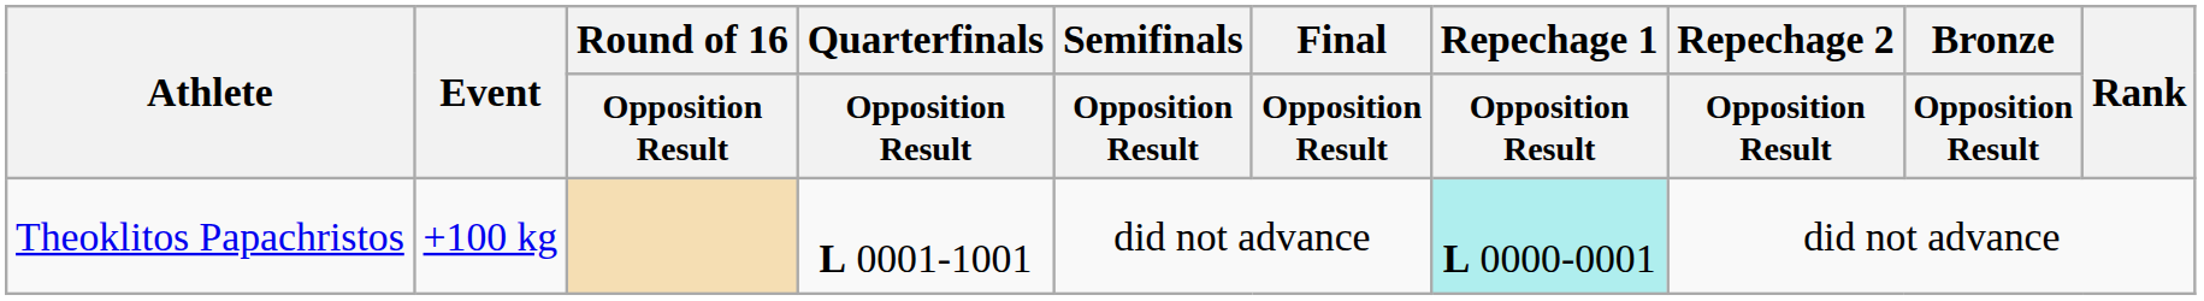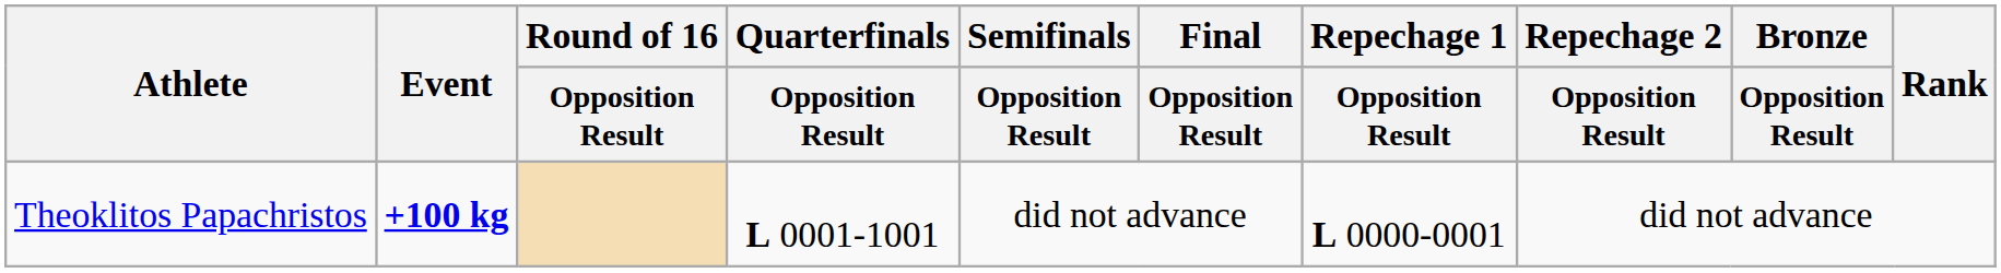 <table class="wikitable" style="font-size:90%">
 <tr>
 <th rowspan="2">Athlete</th>
 <th rowspan="2">Event</th>
 <th>Round of 16</th>
 <th>Quarterfinals</th>
 <th>Semifinals</th>
 <th>Final</th>
 <th>Repechage 1</th>
 <th>Repechage 2</th>
 <th>Bronze</th>
 <th rowspan="2">Rank</th>
 </tr>
 <tr>
 <th style="line-height:1em"><small>Opposition<br>Result</small></th>
 <th style="line-height:1em"><small>Opposition<br>Result</small></th>
 <th style="line-height:1em"><small>Opposition<br>Result</small></th>
 <th style="line-height:1em"><small>Opposition<br>Result</small></th>
 <th style="line-height:1em"><small>Opposition<br>Result</small></th>
 <th style="line-height:1em"><small>Opposition<br>Result</small></th>
 <th style="line-height:1em"><small>Opposition<br>Result</small></th>
 </tr>
 <tr>
 <td><a href='#'>Theoklitos Papachristos</a></td>
-<td><a href='#'>+100 kg</a></td>
+<td><strong><a href='#'>+100 kg</a></strong></td>
 <td bgcolor = "wheat"></td>
 <td align="center"><br><strong>L</strong> 0001-1001</td>
 <td align=center colspan="2">did not advance</td>
-<td align="center" style="background: paleturquoise;"><br><strong>L</strong> 0000-0001</td>
+<td align="center"><br><strong>L</strong> 0000-0001</td>
 <td align=center colspan="3">did not advance</td>
 </tr>
 </table>
